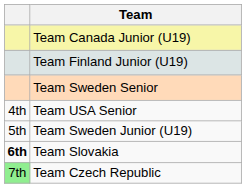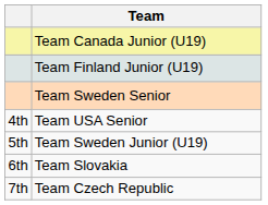 <table class="wikitable" style="text-align:center">
 <tr>
 <th width=15></th>
 <th width=250>Team</th>
 </tr>
 <tr style="background:#f7f6a8;">
 <td style="text-align:center; height:23px;"></td>
 <td align=left> Team Canada Junior (U19)</td>
 </tr>
 <tr style="background:#dce5e5;">
 <td style="text-align:center; height:23px;"></td>
 <td align=left> Team Finland Junior (U19)</td>
 </tr>
 <tr style="background:#ffdab9;">
 <td style="text-align:center; height:23px;"></td>
 <td align=left> Team Sweden Senior</td>
 </tr>
 <tr>
 <td>4th</td>
 <td align=left> Team USA Senior</td>
 </tr>
 <tr>
 <td>5th</td>
 <td align=left> Team Sweden Junior (U19)</td>
 </tr>
 <tr>
-<td><strong>6th</strong></td>
+<td>6th</td>
 <td align=left> Team Slovakia</td>
 </tr>
 <tr>
-<td style="background: lightgreen;">7th</td>
+<td>7th</td>
 <td align=left> Team Czech Republic</td>
 </tr>
 </table>
